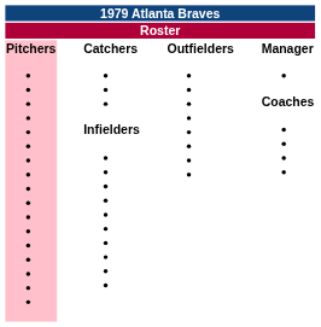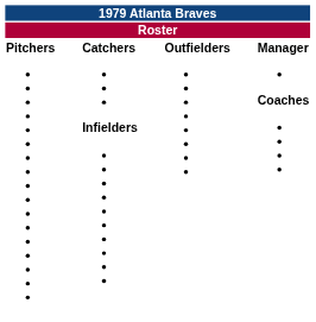 <table class="toccolours" style="font-size: 95%;">
 <tr>
 <th colspan="10" style="background-color: #0f437c; color: white; text-align: center;">1979 Atlanta Braves</th>
 </tr>
 <tr>
 <td colspan="10" style="background-color: #af0039; color: white; text-align: center;"><strong>Roster</strong></td>
 </tr>
 <tr>
-<td valign="top" style="background: pink;"><strong>Pitchers</strong><br><ul><li></li><li></li><li></li><li></li><li></li><li></li><li></li><li></li><li></li><li></li><li></li><li></li><li></li><li></li><li></li><li></li><li></li></ul></td>
+<td valign="top"><strong>Pitchers</strong><br><ul><li></li><li></li><li></li><li></li><li></li><li></li><li></li><li></li><li></li><li></li><li></li><li></li><li></li><li></li><li></li><li></li><li></li></ul></td>
 <td width="25px"></td>
 <td valign="top"><strong>Catchers</strong><br><ul><li></li><li></li><li></li></ul><strong>Infielders</strong><ul><li></li><li></li><li></li><li></li><li></li><li></li><li></li><li></li><li></li><li></li></ul></td>
 <td width="25px"></td>
 <td valign="top"><strong>Outfielders</strong><br><ul><li></li><li></li><li></li><li></li><li></li><li></li><li></li><li></li></ul></td>
 <td width="25px"></td>
 <td valign="top"><strong>Manager</strong><br><ul><li></li></ul><strong>Coaches</strong><ul><li></li><li></li><li></li><li></li></ul></td>
 </tr>
 </table>
